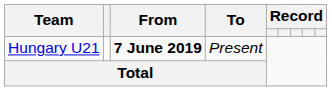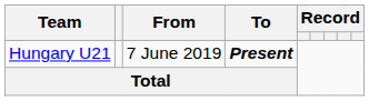 <table class="wikitable" style="text-align: center">
 <tr>
 <th rowspan="2">Team</th>
 <th rowspan="2"></th>
 <th rowspan="2">From</th>
 <th rowspan="2">To</th>
 <th colspan="5">Record</th>
 </tr>
 <tr>
 <th></th>
 <th></th>
 <th></th>
 <th></th>
 <th></th>
 </tr>
 <tr>
 <td><a href='#'>Hungary U21</a></td>
 <td></td>
-<td><strong>7 June 2019</strong></td>
-<td><em> Present </em><br></td>
+<td>7 June 2019</td>
+<td><strong><em> Present </em><br></strong></td>
 </tr>
 <tr>
 <th colspan="4">Total<br></th>
 </tr>
 </table>
